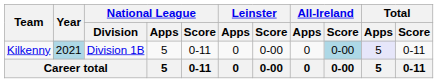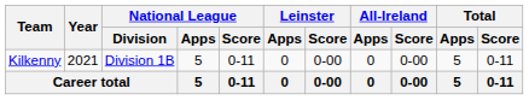 <table class="wikitable" style="text-align:center">
 <tr>
 <th rowspan="2">Team</th>
 <th rowspan="2">Year</th>
 <th colspan="3"><a href='#'>National League</a></th>
 <th colspan="2"><a href='#'>Leinster</a></th>
 <th colspan="2"><a href='#'>All-Ireland</a></th>
 <th colspan="2">Total</th>
 </tr>
 <tr>
 <th>Division</th>
 <th>Apps</th>
 <th>Score</th>
 <th>Apps</th>
 <th>Score</th>
 <th>Apps</th>
 <th>Score</th>
 <th>Apps</th>
 <th>Score</th>
 </tr>
 <tr>
 <td rowspan="1"><a href='#'>Kilkenny</a></td>
-<td style="background: lightblue;">2021</td>
+<td>2021</td>
 <td rowspan="1"><a href='#'>Division 1B</a></td>
 <td>5</td>
 <td>0-11</td>
 <td>0</td>
 <td>0-00</td>
 <td>0</td>
-<td style="background: lightblue;">0-00</td>
-<td style="background: lavender;">5</td>
+<td>0-00</td>
+<td>5</td>
 <td>0-11</td>
 </tr>
 <tr>
 <th colspan="3">Career total</th>
 <th>5</th>
 <th>0-11</th>
 <th>0</th>
 <th>0-00</th>
 <th>0</th>
 <th>0-00</th>
 <th>5</th>
 <th>0-11</th>
 </tr>
 </table>
